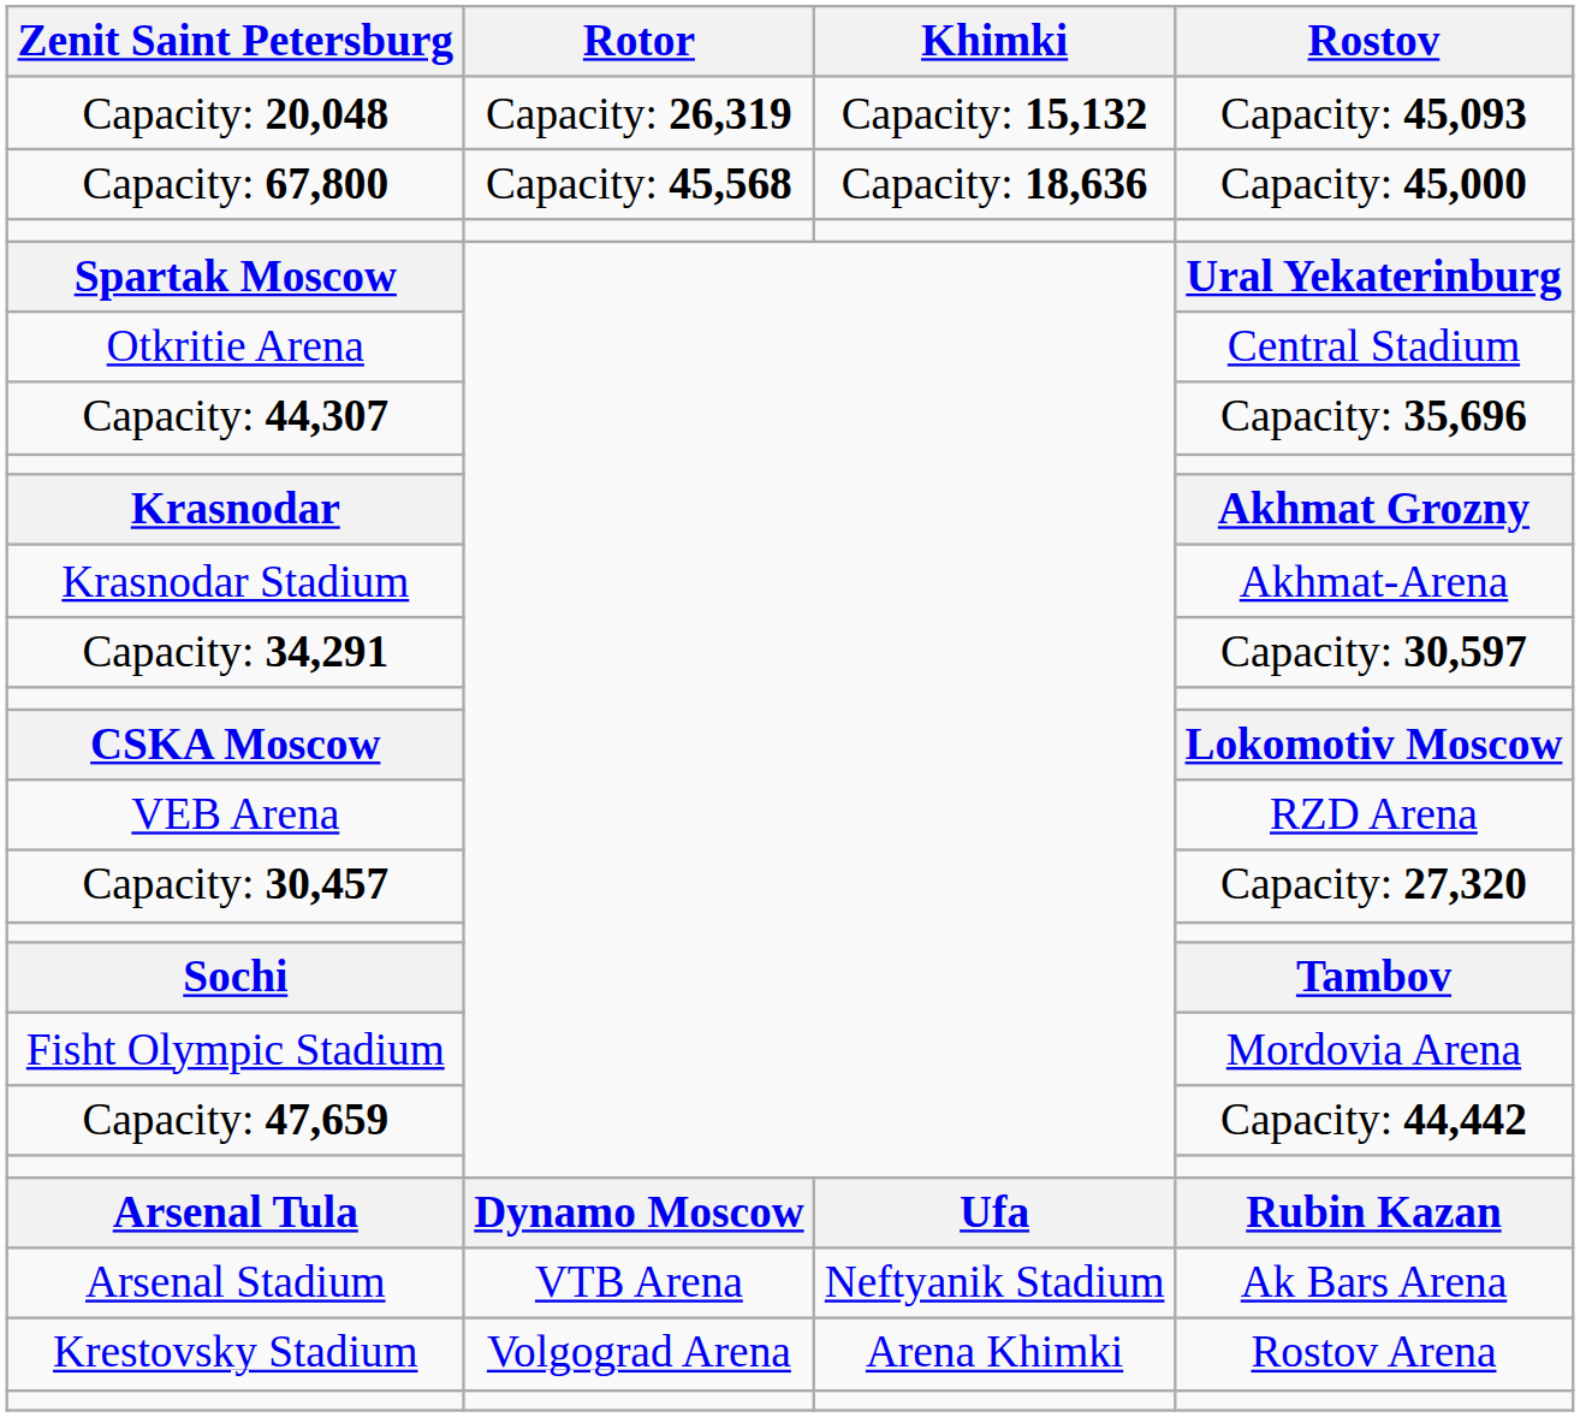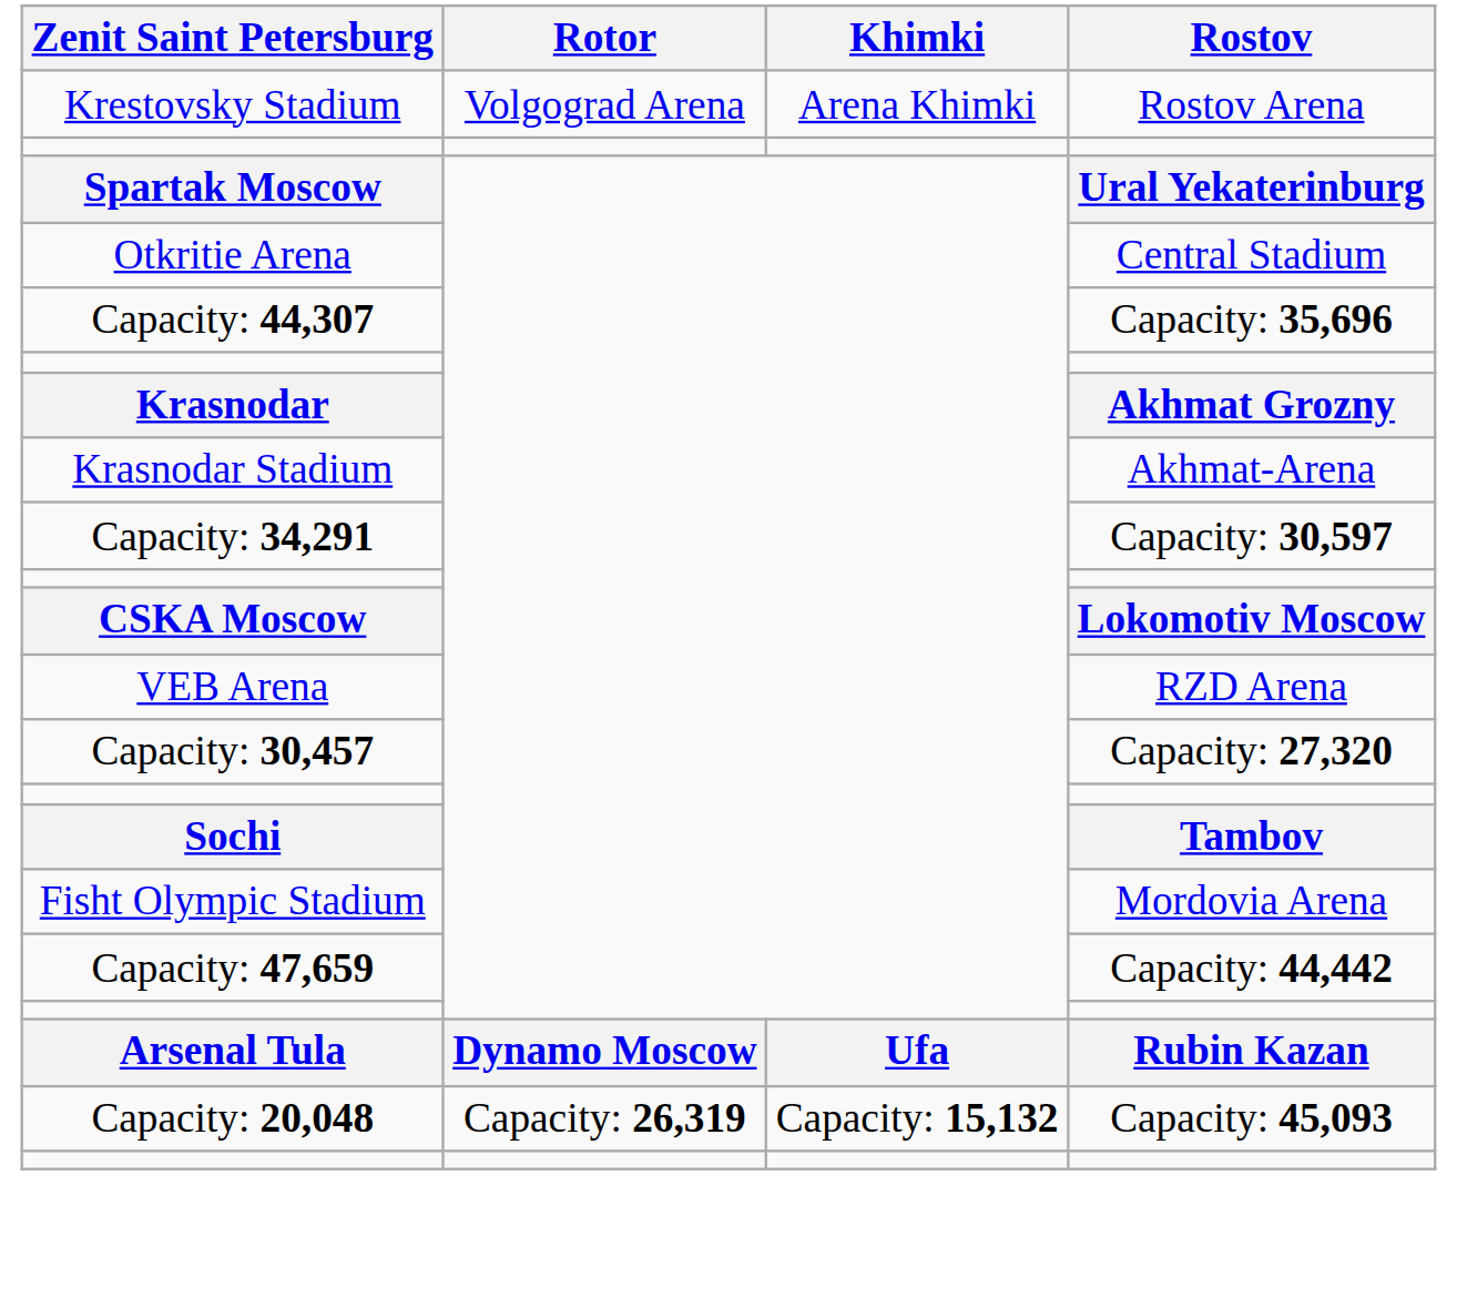 <table class="wikitable" style="text-align:center; margin:1em auto;">
 <tr>
 <th><a href='#'>Zenit Saint Petersburg</a></th>
 <th><a href='#'>Rotor</a></th>
 <th><a href='#'>Khimki</a></th>
 <th><a href='#'>Rostov</a></th>
 </tr>
 <tr>
-<td>Capacity: <strong>20,048</strong></td>
-<td>Capacity: <strong>26,319</strong></td>
-<td>Capacity: <strong>15,132</strong></td>
-<td>Capacity: <strong>45,093</strong></td>
-</tr>
-<tr>
-<td>Capacity: <strong>67,800</strong></td>
-<td>Capacity: <strong>45,568</strong></td>
-<td>Capacity: <strong>18,636</strong></td>
-<td>Capacity: <strong>45,000</strong></td>
+<td><a href='#'>Krestovsky Stadium</a></td>
+<td><a href='#'>Volgograd Arena</a></td>
+<td><a href='#'>Arena Khimki</a></td>
+<td><a href='#'>Rostov Arena</a></td>
 </tr>
 <tr>
 <td></td>
 <td></td>
 <td></td>
 <td></td>
 </tr>
 <tr>
 <th><a href='#'>Spartak Moscow</a></th>
 <td colspan="2" rowspan="16"><br> </td>
 <th><a href='#'>Ural Yekaterinburg</a></th>
 </tr>
 <tr>
 <td><a href='#'>Otkritie Arena</a></td>
 <td><a href='#'>Central Stadium</a></td>
 </tr>
 <tr>
 <td>Capacity: <strong>44,307</strong></td>
 <td>Capacity: <strong>35,696</strong></td>
 </tr>
 <tr>
 <td></td>
 <td></td>
 </tr>
 <tr>
 <th><a href='#'>Krasnodar</a></th>
 <th><a href='#'>Akhmat Grozny</a></th>
 </tr>
 <tr>
 <td><a href='#'>Krasnodar Stadium</a></td>
 <td><a href='#'>Akhmat-Arena</a></td>
 </tr>
 <tr>
 <td>Capacity: <strong>34,291</strong></td>
 <td>Capacity: <strong>30,597</strong></td>
 </tr>
 <tr>
 <td></td>
 <td></td>
 </tr>
 <tr>
 <th><a href='#'>CSKA Moscow</a></th>
 <th><a href='#'>Lokomotiv Moscow</a></th>
 </tr>
 <tr>
 <td><a href='#'>VEB Arena</a></td>
 <td><a href='#'>RZD Arena</a></td>
 </tr>
 <tr>
 <td>Capacity: <strong>30,457</strong></td>
 <td>Capacity: <strong>27,320</strong></td>
 </tr>
 <tr>
 <td></td>
 <td></td>
 </tr>
 <tr>
 <th><a href='#'>Sochi</a></th>
 <th><a href='#'>Tambov</a></th>
 </tr>
 <tr>
 <td><a href='#'>Fisht Olympic Stadium</a></td>
 <td><a href='#'>Mordovia Arena</a></td>
 </tr>
 <tr>
 <td>Capacity: <strong>47,659</strong></td>
 <td>Capacity: <strong>44,442</strong></td>
 </tr>
 <tr>
 <td></td>
 <td></td>
 </tr>
 <tr>
 <th><a href='#'>Arsenal Tula</a></th>
 <th><a href='#'>Dynamo Moscow</a></th>
 <th><a href='#'>Ufa</a></th>
 <th><a href='#'>Rubin Kazan</a></th>
 </tr>
 <tr>
-<td><a href='#'>Arsenal Stadium</a></td>
-<td><a href='#'>VTB Arena</a></td>
-<td><a href='#'>Neftyanik Stadium</a></td>
-<td><a href='#'>Ak Bars Arena</a></td>
-</tr>
-<tr>
-<td><a href='#'>Krestovsky Stadium</a></td>
-<td><a href='#'>Volgograd Arena</a></td>
-<td><a href='#'>Arena Khimki</a></td>
-<td><a href='#'>Rostov Arena</a></td>
+<td>Capacity: <strong>20,048</strong></td>
+<td>Capacity: <strong>26,319</strong></td>
+<td>Capacity: <strong>15,132</strong></td>
+<td>Capacity: <strong>45,093</strong></td>
 </tr>
 <tr>
 <td></td>
 <td></td>
 <td></td>
 <td></td>
 </tr>
 </table>
